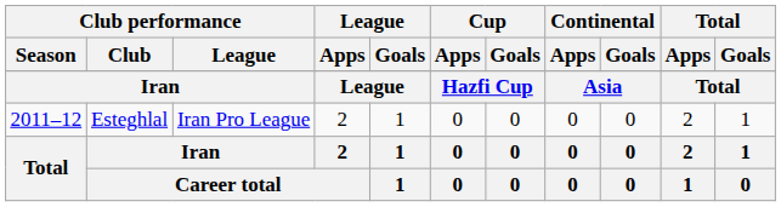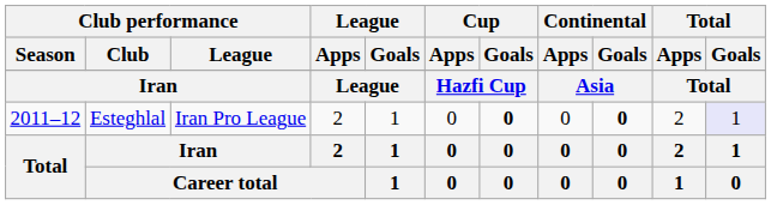 <table class="wikitable" style="text-align:center">
 <tr>
 <th colspan=3>Club performance</th>
 <th colspan=2>League</th>
 <th colspan=2>Cup</th>
 <th colspan=2>Continental</th>
 <th colspan=2>Total</th>
 </tr>
 <tr>
 <th>Season</th>
 <th>Club</th>
 <th>League</th>
 <th>Apps</th>
 <th>Goals</th>
 <th>Apps</th>
 <th>Goals</th>
 <th>Apps</th>
 <th>Goals</th>
 <th>Apps</th>
 <th>Goals</th>
 </tr>
 <tr>
 </tr>
 <tr>
 <th colspan=3>Iran</th>
 <th colspan=2>League</th>
 <th colspan=2><a href='#'>Hazfi Cup</a></th>
 <th colspan=2><a href='#'>Asia</a></th>
 <th colspan=2>Total</th>
 </tr>
 <tr>
 <td><a href='#'>2011–12</a></td>
 <td rowspan="1"><a href='#'>Esteghlal</a></td>
 <td rowspan="1"><a href='#'>Iran Pro League</a></td>
 <td>2</td>
 <td>1</td>
 <td>0</td>
+<td><strong>0</strong></td>
 <td>0</td>
-<td>0</td>
-<td>0</td>
+<td><strong>0</strong></td>
 <td>2</td>
-<td>1</td>
+<td style="background: lavender;">1</td>
 </tr>
 <tr>
 <th rowspan=2>Total</th>
 <th colspan=2>Iran</th>
 <th>2</th>
 <th>1</th>
 <th>0</th>
 <th>0</th>
 <th>0</th>
 <th>0</th>
 <th>2</th>
 <th>1</th>
 </tr>
 <tr>
 <th colspan=3>Career total</th>
 <th>1</th>
 <th>0</th>
 <th>0</th>
 <th>0</th>
 <th>0</th>
 <th>1</th>
 <th>0</th>
 </tr>
 </table>
